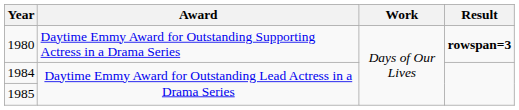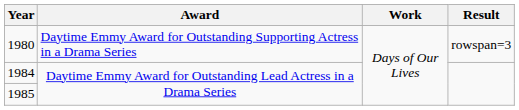 <table class="wikitable sortable">
 <tr>
 <th scope="col">Year</th>
 <th scope="col">Award</th>
 <th scope="col">Work</th>
 <th scope="col">Result</th>
 </tr>
 <tr>
 <td>1980</td>
 <td><a href='#'>Daytime Emmy Award for Outstanding Supporting Actress in a Drama Series</a></td>
 <td rowspan=3 style="text-align:center"><em>Days of Our Lives</em></td>
-<td><strong>rowspan=3 </strong></td>
+<td>rowspan=3 </td>
 </tr>
 <tr>
 <td>1984</td>
 <td rowspan=2 style="text-align:center"><a href='#'>Daytime Emmy Award for Outstanding Lead Actress in a Drama Series</a></td>
 </tr>
 <tr>
 <td>1985</td>
 </tr>
 </table>
